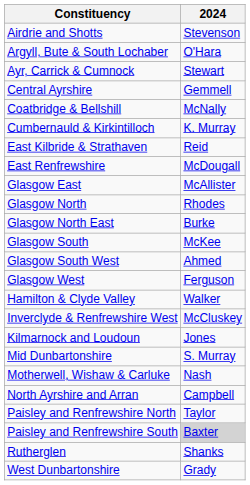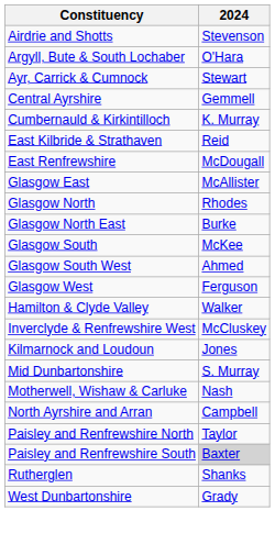 <table class="wikitable">
 <tr>
 <th>Constituency</th>
 <th>2024</th>
 </tr>
 <tr>
 <td><a href='#'>Airdrie and Shotts</a></td>
 <td><a href='#'>Stevenson</a></td>
 </tr>
 <tr>
 <td><a href='#'>Argyll, Bute & South Lochaber</a></td>
 <td><a href='#'>O'Hara</a></td>
 </tr>
 <tr>
 <td><a href='#'>Ayr, Carrick & Cumnock</a></td>
 <td><a href='#'>Stewart</a></td>
 </tr>
 <tr>
 <td><a href='#'>Central Ayrshire</a></td>
 <td><a href='#'>Gemmell</a></td>
-</tr>
-<tr>
-<td><a href='#'>Coatbridge & Bellshill</a></td>
-<td><a href='#'>McNally</a></td>
 </tr>
 <tr>
 <td><a href='#'>Cumbernauld & Kirkintilloch</a></td>
 <td><a href='#'>K. Murray</a></td>
 </tr>
 <tr>
 <td><a href='#'>East Kilbride & Strathaven</a></td>
 <td><a href='#'>Reid</a></td>
 </tr>
 <tr>
 <td><a href='#'>East Renfrewshire</a></td>
 <td><a href='#'>McDougall</a></td>
 </tr>
 <tr>
 <td><a href='#'>Glasgow East</a></td>
 <td><a href='#'>McAllister</a></td>
 </tr>
 <tr>
 <td><a href='#'>Glasgow North</a></td>
 <td><a href='#'>Rhodes</a></td>
 </tr>
 <tr>
 <td><a href='#'>Glasgow North East</a></td>
 <td><a href='#'>Burke</a></td>
 </tr>
 <tr>
 <td><a href='#'>Glasgow South</a></td>
 <td><a href='#'>McKee</a></td>
 </tr>
 <tr>
 <td><a href='#'>Glasgow South West</a></td>
 <td><a href='#'>Ahmed</a></td>
 </tr>
 <tr>
 <td><a href='#'>Glasgow West</a></td>
 <td><a href='#'>Ferguson</a></td>
 </tr>
 <tr>
 <td><a href='#'>Hamilton & Clyde Valley</a></td>
 <td><a href='#'>Walker</a></td>
 </tr>
 <tr>
 <td><a href='#'>Inverclyde & Renfrewshire West</a></td>
 <td><a href='#'>McCluskey</a></td>
 </tr>
 <tr>
 <td><a href='#'>Kilmarnock and Loudoun</a></td>
 <td><a href='#'>Jones</a></td>
 </tr>
 <tr>
 <td><a href='#'>Mid Dunbartonshire</a></td>
 <td><a href='#'>S. Murray</a></td>
 </tr>
 <tr>
 <td><a href='#'>Motherwell, Wishaw & Carluke</a></td>
 <td><a href='#'>Nash</a></td>
 </tr>
 <tr>
 <td><a href='#'>North Ayrshire and Arran</a></td>
 <td><a href='#'>Campbell</a></td>
 </tr>
 <tr>
 <td><a href='#'>Paisley and Renfrewshire North</a></td>
 <td><a href='#'>Taylor</a></td>
 </tr>
 <tr>
 <td><a href='#'>Paisley and Renfrewshire South</a></td>
 <td style="background: lightgrey;"><a href='#'>Baxter</a></td>
 </tr>
 <tr>
 <td><a href='#'>Rutherglen</a></td>
 <td><a href='#'>Shanks</a></td>
 </tr>
 <tr>
 <td><a href='#'>West Dunbartonshire</a></td>
 <td><a href='#'>Grady</a></td>
 </tr>
 </table>
